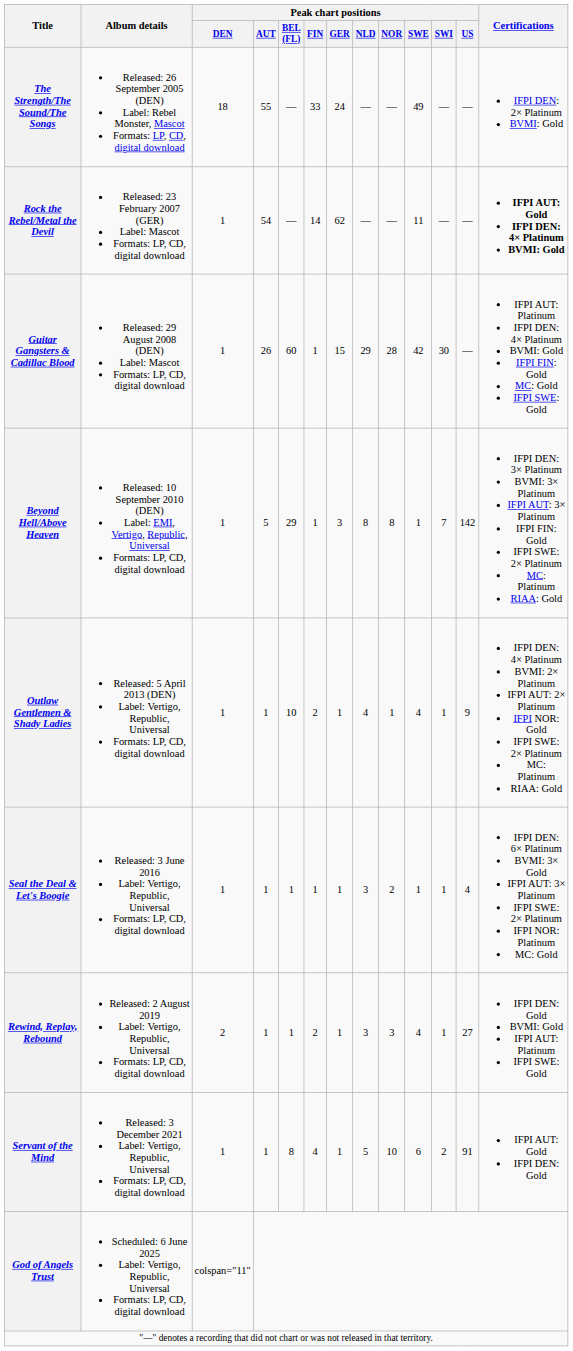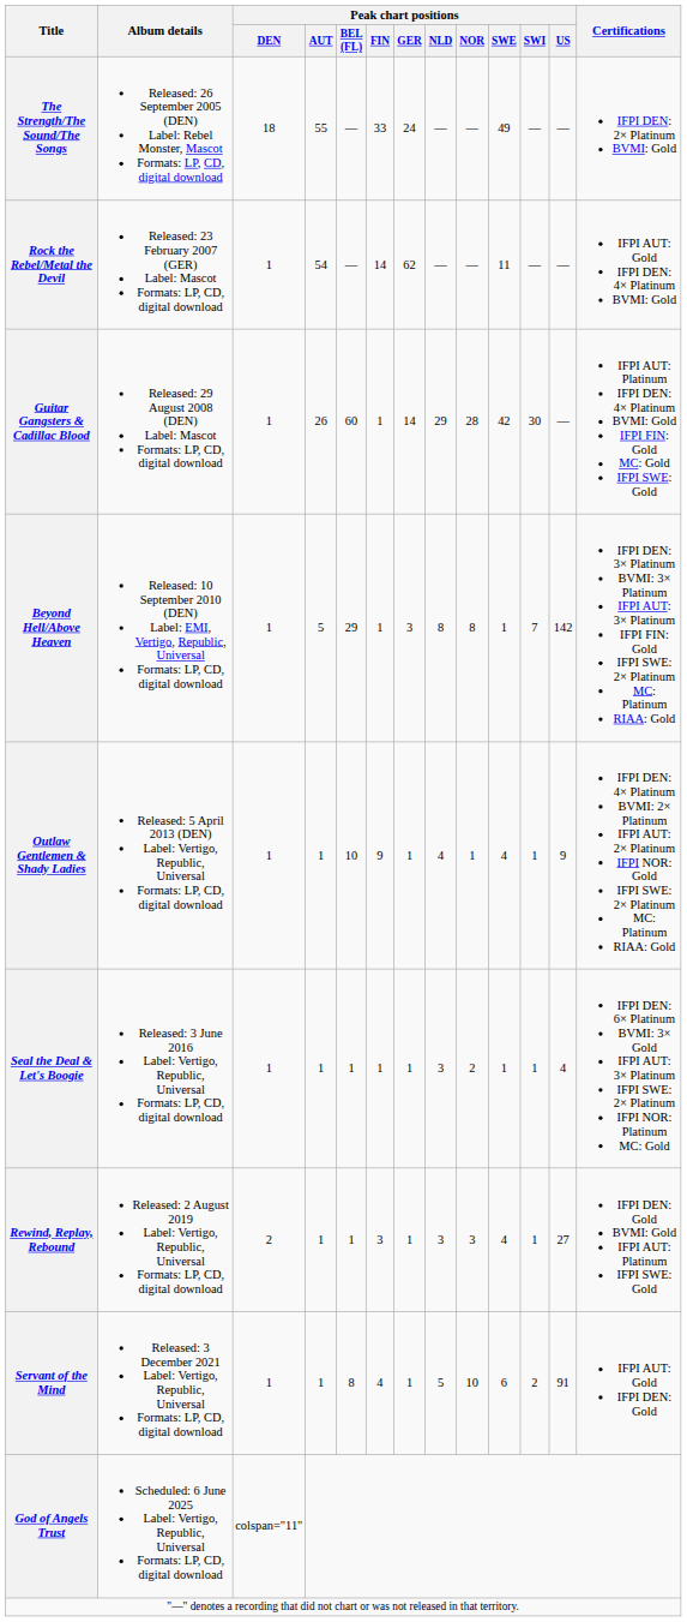 <table class="wikitable plainrowheaders" style="text-align:center;">
 <tr>
 <th scope="col" rowspan="2" style="width:13em;">Title</th>
 <th scope="col" rowspan="2" style="width:24em;">Album details</th>
 <th scope="col" colspan="10">Peak chart positions</th>
 <th scope="col" rowspan="2" style="width:15em;"><a href='#'>Certifications</a></th>
 </tr>
 <tr>
 <th scope="col" style="width:3em;font-size:90%;"><a href='#'>DEN</a><br></th>
 <th scope="col" style="width:3em;font-size:90%;"><a href='#'>AUT</a><br></th>
 <th scope="col" style="width:3em;font-size:90%;"><a href='#'>BEL<br>(FL)</a><br></th>
 <th scope="col" style="width:3em;font-size:90%;"><a href='#'>FIN</a><br></th>
 <th scope="col" style="width:3em;font-size:90%;"><a href='#'>GER</a><br></th>
 <th scope="col" style="width:3em;font-size:90%;"><a href='#'>NLD</a><br></th>
 <th scope="col" style="width:3em;font-size:90%;"><a href='#'>NOR</a><br></th>
 <th scope="col" style="width:3em;font-size:90%;"><a href='#'>SWE</a><br></th>
 <th scope="col" style="width:3em;font-size:90%;"><a href='#'>SWI</a><br></th>
 <th scope="col" style="width:3em;font-size:90%;"><a href='#'>US</a><br></th>
 </tr>
 <tr>
 <th scope="row"><em><a href='#'>The Strength/The Sound/The Songs</a></em></th>
 <td><br><ul><li>Released: 26 September 2005 <span>(DEN)</span></li><li>Label: Rebel Monster, <a href='#'>Mascot</a></li><li>Formats: <a href='#'>LP</a>, <a href='#'>CD</a>, <a href='#'>digital download</a></li></ul></td>
 <td>18</td>
 <td>55</td>
 <td>—</td>
 <td>33</td>
 <td>24</td>
 <td>—</td>
 <td>—</td>
 <td>49</td>
 <td>—</td>
 <td>—</td>
 <td><br><ul><li><a href='#'>IFPI DEN</a>: 2× Platinum</li><li><a href='#'>BVMI</a>: Gold</li></ul></td>
 </tr>
 <tr>
 <th scope="row"><em><a href='#'>Rock the Rebel/Metal the Devil</a></em></th>
 <td><br><ul><li>Released: 23 February 2007 <span>(GER)</span></li><li>Label: Mascot</li><li>Formats: LP, CD, digital download</li></ul></td>
 <td>1</td>
 <td>54</td>
 <td>—</td>
 <td>14</td>
 <td>62</td>
 <td>—</td>
 <td>—</td>
 <td>11</td>
 <td>—</td>
 <td>—</td>
-<td><strong><br><ul><li>IFPI AUT: Gold</li><li>IFPI DEN: 4× Platinum</li><li>BVMI: Gold</li></ul></strong></td>
+<td><br><ul><li>IFPI AUT: Gold</li><li>IFPI DEN: 4× Platinum</li><li>BVMI: Gold</li></ul></td>
 </tr>
 <tr>
 <th scope="row"><em><a href='#'>Guitar Gangsters & Cadillac Blood</a></em></th>
 <td><br><ul><li>Released: 29 August 2008 <span>(DEN)</span></li><li>Label: Mascot</li><li>Formats: LP, CD, digital download</li></ul></td>
 <td>1</td>
 <td>26</td>
 <td>60</td>
 <td>1</td>
-<td>15</td>
+<td>14</td>
 <td>29</td>
 <td>28</td>
 <td>42</td>
 <td>30</td>
 <td>—</td>
 <td><br><ul><li>IFPI AUT: Platinum</li><li>IFPI DEN: 4× Platinum</li><li>BVMI: Gold</li><li><a href='#'>IFPI FIN</a>: Gold</li><li><a href='#'>MC</a>: Gold</li><li><a href='#'>IFPI SWE</a>: Gold</li></ul></td>
 </tr>
 <tr>
 <th scope="row"><em><a href='#'>Beyond Hell/Above Heaven</a></em></th>
 <td><br><ul><li>Released: 10 September 2010 <span>(DEN)</span></li><li>Label: <a href='#'>EMI</a>, <a href='#'>Vertigo</a>, <a href='#'>Republic</a>, <a href='#'>Universal</a></li><li>Formats: LP, CD, digital download</li></ul></td>
 <td>1</td>
 <td>5</td>
 <td>29</td>
 <td>1</td>
 <td>3</td>
 <td>8</td>
 <td>8</td>
 <td>1</td>
 <td>7</td>
 <td>142</td>
 <td><br><ul><li>IFPI DEN: 3× Platinum</li><li>BVMI: 3× Platinum</li><li><a href='#'>IFPI AUT</a>: 3× Platinum</li><li>IFPI FIN: Gold</li><li>IFPI SWE: 2× Platinum</li><li><a href='#'>MC</a>: Platinum</li><li><a href='#'>RIAA</a>: Gold</li></ul></td>
 </tr>
 <tr>
 <th scope="row"><em><a href='#'>Outlaw Gentlemen & Shady Ladies</a></em></th>
 <td><br><ul><li>Released: 5 April 2013 <span>(DEN)</span></li><li>Label: Vertigo, Republic, Universal</li><li>Formats: LP, CD, digital download</li></ul></td>
 <td>1</td>
 <td>1</td>
 <td>10</td>
-<td>2</td>
+<td>9</td>
 <td>1</td>
 <td>4</td>
 <td>1</td>
 <td>4</td>
 <td>1</td>
 <td>9</td>
 <td><br><ul><li>IFPI DEN: 4× Platinum</li><li>BVMI: 2× Platinum</li><li>IFPI AUT: 2× Platinum</li><li><a href='#'>IFPI</a> NOR: Gold</li><li>IFPI SWE: 2× Platinum</li><li>MC: Platinum</li><li>RIAA: Gold</li></ul></td>
 </tr>
 <tr>
 <th scope="row"><em><a href='#'>Seal the Deal & Let's Boogie</a></em></th>
 <td><br><ul><li>Released: 3 June 2016</li><li>Label: Vertigo, Republic, Universal</li><li>Formats: LP, CD, digital download</li></ul></td>
 <td>1</td>
 <td>1</td>
 <td>1</td>
 <td>1</td>
 <td>1</td>
 <td>3</td>
 <td>2</td>
 <td>1</td>
 <td>1</td>
 <td>4</td>
 <td><br><ul><li>IFPI DEN: 6× Platinum</li><li>BVMI: 3× Gold</li><li>IFPI AUT: 3× Platinum</li><li>IFPI SWE: 2× Platinum</li><li>IFPI NOR: Platinum</li><li>MC: Gold</li></ul></td>
 </tr>
 <tr>
 <th scope="row"><em><a href='#'>Rewind, Replay, Rebound</a></em></th>
 <td><br><ul><li>Released: 2 August 2019</li><li>Label: Vertigo, Republic, Universal</li><li>Formats: LP, CD, digital download</li></ul></td>
 <td>2</td>
 <td>1</td>
 <td>1</td>
-<td>2</td>
+<td>3</td>
 <td>1</td>
 <td>3</td>
 <td>3</td>
 <td>4</td>
 <td>1</td>
 <td>27</td>
 <td><br><ul><li>IFPI DEN: Gold</li><li>BVMI: Gold</li><li>IFPI AUT: Platinum</li><li>IFPI SWE: Gold</li></ul></td>
 </tr>
 <tr>
 <th scope="row"><em><a href='#'>Servant of the Mind</a></em></th>
 <td><br><ul><li>Released: 3 December 2021</li><li>Label: Vertigo, Republic, Universal</li><li>Formats: LP, CD, digital download</li></ul></td>
 <td>1<br></td>
 <td>1</td>
 <td>8</td>
 <td>4<br></td>
 <td>1</td>
 <td>5</td>
 <td>10<br></td>
 <td>6<br></td>
 <td>2</td>
 <td>91</td>
 <td><br><ul><li>IFPI AUT: Gold</li><li>IFPI DEN: Gold</li></ul></td>
 </tr>
 <tr>
 <th scope="row"><em><a href='#'>God of Angels Trust</a></em></th>
 <td><br><ul><li>Scheduled: 6 June 2025</li><li>Label: Vertigo, Republic, Universal</li><li>Formats: LP, CD, digital download</li></ul></td>
 <td>colspan="11" </td>
 </tr>
 <tr>
 <td colspan="15" style="font-size:90%">"—" denotes a recording that did not chart or was not released in that territory.</td>
 </tr>
 </table>
